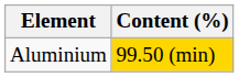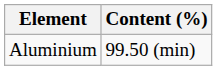 <table class="wikitable">
 <tr>
 <th>Element</th>
 <th>Content (%)</th>
 </tr>
 <tr>
 <td>Aluminium</td>
-<td style="background: gold;">99.50 (min)</td>
+<td>99.50 (min)</td>
 </tr>
 </table>
